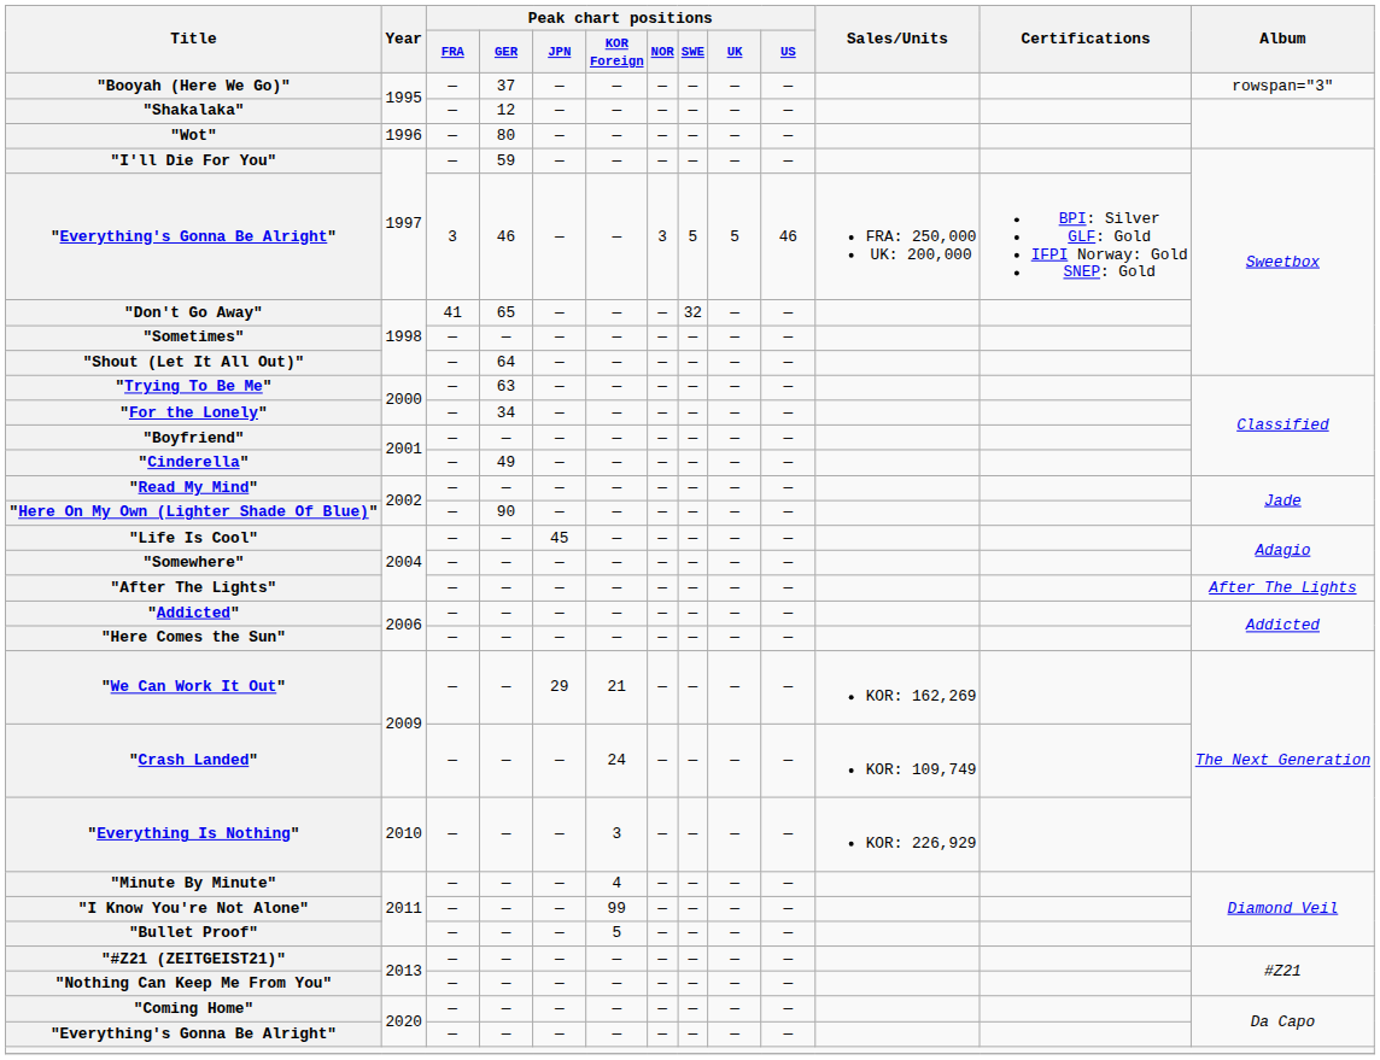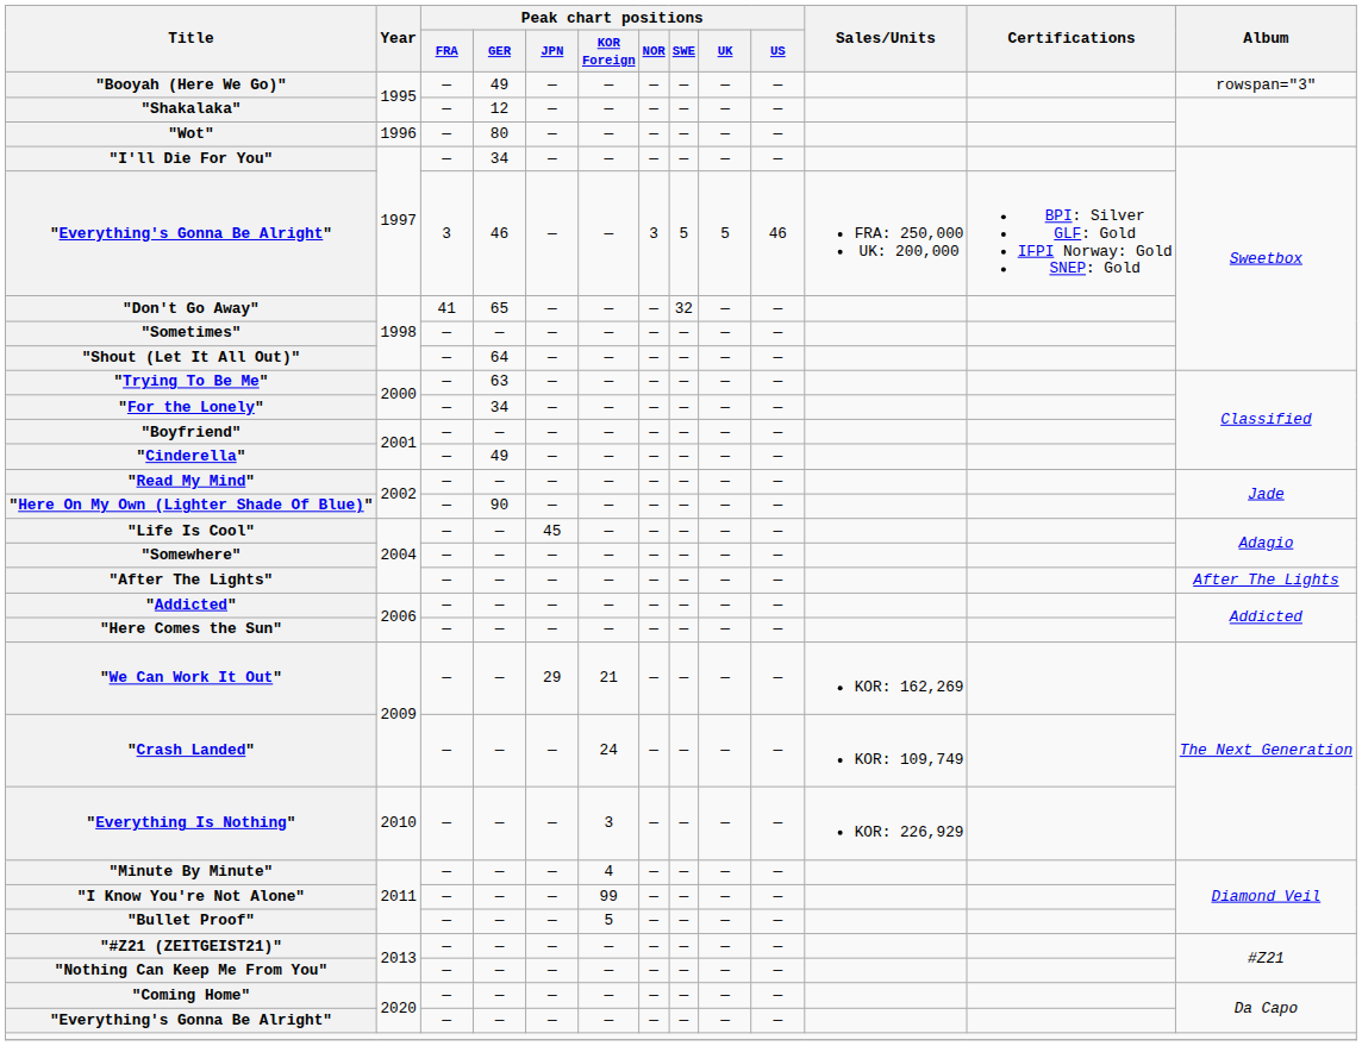 <table class="wikitable plainrowheaders" style="text-align:center;">
 <tr>
 <th rowspan="2" scope="col">Title</th>
 <th rowspan="2" scope="col">Year</th>
 <th colspan="8">Peak chart positions</th>
 <th rowspan="2">Sales/Units</th>
 <th rowspan="2" scope="col">Certifications</th>
 <th rowspan="2">Album</th>
 </tr>
 <tr>
 <th style="width:3em;"><small><a href='#'>FRA</a></small><br></th>
 <th style="width:3em;"><small><a href='#'>GER</a></small><br></th>
 <th style="width:3em;"><small><a href='#'>JPN</a></small><br></th>
 <th style="width:3em;"><small><a href='#'>KOR<br>Foreign</a></small><br></th>
 <th><small><a href='#'>NOR</a></small><br></th>
 <th><small><a href='#'>SWE</a></small><br></th>
 <th style="width:3em;"><small><a href='#'>UK</a></small><br></th>
 <th style="width:3em;"><small><a href='#'>US</a></small><br></th>
 </tr>
 <tr>
 <th scope="row">"Booyah (Here We Go)"<br></th>
 <td rowspan="2">1995</td>
 <td>—</td>
-<td>37</td>
+<td>49</td>
 <td>—</td>
 <td>—</td>
 <td>—</td>
 <td>—</td>
 <td>—</td>
 <td>—</td>
 <td></td>
 <td></td>
 <td>rowspan="3" </td>
 </tr>
 <tr>
 <th scope="row">"Shakalaka"</th>
 <td>—</td>
 <td>12</td>
 <td>—</td>
 <td>—</td>
 <td>—</td>
 <td>—</td>
 <td>—</td>
 <td>—</td>
 <td></td>
 <td></td>
 </tr>
 <tr>
 <th scope="row">"Wot"<br></th>
 <td>1996</td>
 <td>—</td>
 <td>80</td>
 <td>—</td>
 <td>—</td>
 <td>—</td>
 <td>—</td>
 <td>—</td>
 <td>—</td>
 <td></td>
 <td></td>
 </tr>
 <tr>
 <th scope="row">"I'll Die For You"<br></th>
 <td rowspan="2">1997</td>
 <td>—</td>
-<td>59</td>
+<td>34</td>
 <td>—</td>
 <td>—</td>
 <td>—</td>
 <td>—</td>
 <td>—</td>
 <td>—</td>
 <td></td>
 <td></td>
 <td rowspan="5"><em><a href='#'>Sweetbox</a></em></td>
 </tr>
 <tr>
 <th scope="row">"<a href='#'>Everything's Gonna Be Alright</a>"</th>
 <td>3</td>
 <td>46</td>
 <td>—</td>
 <td>—</td>
 <td>3</td>
 <td>5</td>
 <td>5</td>
 <td>46</td>
 <td><br><ul><li>FRA: 250,000</li><li>UK: 200,000</li></ul></td>
 <td><br><ul><li><a href='#'>BPI</a>: Silver</li><li><a href='#'>GLF</a>: Gold</li><li><a href='#'>IFPI</a> Norway: Gold</li><li><a href='#'>SNEP</a>: Gold</li></ul></td>
 </tr>
 <tr>
 <th scope="row">"Don't Go Away"</th>
 <td rowspan="3">1998</td>
 <td>41</td>
 <td>65</td>
 <td>—</td>
 <td>—</td>
 <td>—</td>
 <td>32</td>
 <td>—</td>
 <td>—</td>
 <td></td>
 <td></td>
 </tr>
 <tr>
 <th scope="row">"Sometimes"</th>
 <td>—</td>
 <td>—</td>
 <td>—</td>
 <td>—</td>
 <td>—</td>
 <td>—</td>
 <td>—</td>
 <td>—</td>
 <td></td>
 <td></td>
 </tr>
 <tr>
 <th scope="row">"Shout (Let It All Out)"<br></th>
 <td>—</td>
 <td>64</td>
 <td>—</td>
 <td>—</td>
 <td>—</td>
 <td>—</td>
 <td>—</td>
 <td>—</td>
 <td></td>
 <td></td>
 </tr>
 <tr>
 <th scope="row">"<a href='#'>Trying To Be Me</a>"</th>
 <td rowspan="2">2000</td>
 <td>—</td>
 <td>63</td>
 <td>—</td>
 <td>—</td>
 <td>—</td>
 <td>—</td>
 <td>—</td>
 <td>—</td>
 <td></td>
 <td></td>
 <td rowspan="4"><em><a href='#'>Classified</a></em></td>
 </tr>
 <tr>
 <th scope="row">"<a href='#'>For the Lonely</a>"</th>
 <td>—</td>
 <td>34</td>
 <td>—</td>
 <td>—</td>
 <td>—</td>
 <td>—</td>
 <td>—</td>
 <td>—</td>
 <td></td>
 <td></td>
 </tr>
 <tr>
 <th scope="row">"Boyfriend"</th>
 <td rowspan="2">2001</td>
 <td>—</td>
 <td>—</td>
 <td>—</td>
 <td>—</td>
 <td>—</td>
 <td>—</td>
 <td>—</td>
 <td>—</td>
 <td></td>
 <td></td>
 </tr>
 <tr>
 <th scope="row">"<a href='#'>Cinderella</a>"</th>
 <td>—</td>
 <td>49</td>
 <td>—</td>
 <td>—</td>
 <td>—</td>
 <td>—</td>
 <td>—</td>
 <td>—</td>
 <td></td>
 <td></td>
 </tr>
 <tr>
 <th scope="row">"<a href='#'>Read My Mind</a>"</th>
 <td rowspan="2">2002</td>
 <td>—</td>
 <td>—</td>
 <td>—</td>
 <td>—</td>
 <td>—</td>
 <td>—</td>
 <td>—</td>
 <td>—</td>
 <td></td>
 <td></td>
 <td rowspan="2"><em><a href='#'>Jade</a></em></td>
 </tr>
 <tr>
 <th scope="row">"<a href='#'>Here On My Own (Lighter Shade Of Blue)</a>"</th>
 <td>—</td>
 <td>90</td>
 <td>—</td>
 <td>—</td>
 <td>—</td>
 <td>—</td>
 <td>—</td>
 <td>—</td>
 <td></td>
 <td></td>
 </tr>
 <tr>
 <th scope="row">"Life Is Cool"</th>
 <td rowspan="3">2004</td>
 <td>—</td>
 <td>—</td>
 <td>45</td>
 <td>—</td>
 <td>—</td>
 <td>—</td>
 <td>—</td>
 <td>—</td>
 <td></td>
 <td></td>
 <td rowspan="2"><em><a href='#'>Adagio</a></em></td>
 </tr>
 <tr>
 <th scope="row">"Somewhere"</th>
 <td>—</td>
 <td>—</td>
 <td>—</td>
 <td>—</td>
 <td>—</td>
 <td>—</td>
 <td>—</td>
 <td>—</td>
 <td></td>
 <td></td>
 </tr>
 <tr>
 <th scope="row">"After The Lights"</th>
 <td>—</td>
 <td>—</td>
 <td>—</td>
 <td>—</td>
 <td>—</td>
 <td>—</td>
 <td>—</td>
 <td>—</td>
 <td></td>
 <td></td>
 <td><em><a href='#'>After The Lights</a></em></td>
 </tr>
 <tr>
 <th scope="row">"<a href='#'>Addicted</a>"</th>
 <td rowspan="2">2006</td>
 <td>—</td>
 <td>—</td>
 <td>—</td>
 <td>—</td>
 <td>—</td>
 <td>—</td>
 <td>—</td>
 <td>—</td>
 <td></td>
 <td></td>
 <td rowspan="2"><em><a href='#'>Addicted</a></em></td>
 </tr>
 <tr>
 <th scope="row">"Here Comes the Sun"</th>
 <td>—</td>
 <td>—</td>
 <td>—</td>
 <td>—</td>
 <td>—</td>
 <td>—</td>
 <td>—</td>
 <td>—</td>
 <td></td>
 <td></td>
 </tr>
 <tr>
 <th scope="row">"<a href='#'>We Can Work It Out</a>"</th>
 <td rowspan="2">2009</td>
 <td>—</td>
 <td>—</td>
 <td>29</td>
 <td>21</td>
 <td>—</td>
 <td>—</td>
 <td>—</td>
 <td>—</td>
 <td><br><ul><li>KOR: 162,269</li></ul></td>
 <td></td>
 <td rowspan="3"><em><a href='#'>The Next Generation</a></em></td>
 </tr>
 <tr>
 <th scope="row">"<a href='#'>Crash Landed</a>"</th>
 <td>—</td>
 <td>—</td>
 <td>—</td>
 <td>24</td>
 <td>—</td>
 <td>—</td>
 <td>—</td>
 <td>—</td>
 <td><br><ul><li>KOR: 109,749</li></ul></td>
 <td></td>
 </tr>
 <tr>
 <th scope="row">"<a href='#'>Everything Is Nothing</a>"</th>
 <td>2010</td>
 <td>—</td>
 <td>—</td>
 <td>—</td>
 <td>3</td>
 <td>—</td>
 <td>—</td>
 <td>—</td>
 <td>—</td>
 <td><br><ul><li>KOR: 226,929</li></ul></td>
 <td></td>
 </tr>
 <tr>
 <th scope="row">"Minute By Minute"</th>
 <td rowspan="3">2011</td>
 <td>—</td>
 <td>—</td>
 <td>—</td>
 <td>4</td>
 <td>—</td>
 <td>—</td>
 <td>—</td>
 <td>—</td>
 <td></td>
 <td></td>
 <td rowspan="3"><em><a href='#'>Diamond Veil</a></em></td>
 </tr>
 <tr>
 <th scope="row">"I Know You're Not Alone"</th>
 <td>—</td>
 <td>—</td>
 <td>—</td>
 <td>99</td>
 <td>—</td>
 <td>—</td>
 <td>—</td>
 <td>—</td>
 <td></td>
 <td></td>
 </tr>
 <tr>
 <th scope="row">"Bullet Proof"</th>
 <td>—</td>
 <td>—</td>
 <td>—</td>
 <td>5</td>
 <td>—</td>
 <td>—</td>
 <td>—</td>
 <td>—</td>
 <td></td>
 <td></td>
 </tr>
 <tr>
 <th scope="row">"#Z21 (ZEITGEIST21)"</th>
 <td rowspan="2">2013</td>
 <td>—</td>
 <td>—</td>
 <td>—</td>
 <td>—</td>
 <td>—</td>
 <td>—</td>
 <td>—</td>
 <td>—</td>
 <td></td>
 <td></td>
 <td rowspan="2"><em>#Z21</em></td>
 </tr>
 <tr>
 <th scope="row">"Nothing Can Keep Me From You"</th>
 <td>—</td>
 <td>—</td>
 <td>—</td>
 <td>—</td>
 <td>—</td>
 <td>—</td>
 <td>—</td>
 <td>—</td>
 <td></td>
 <td></td>
 </tr>
 <tr>
 <th scope="row">"Coming Home"<br></th>
 <td rowspan="2">2020</td>
 <td>—</td>
 <td>—</td>
 <td>—</td>
 <td>—</td>
 <td>—</td>
 <td>—</td>
 <td>—</td>
 <td>—</td>
 <td></td>
 <td></td>
 <td rowspan="2"><em>Da Capo</em></td>
 </tr>
 <tr>
 <th scope="row">"Everything's Gonna Be Alright"<br></th>
 <td>—</td>
 <td>—</td>
 <td>—</td>
 <td>—</td>
 <td>—</td>
 <td>—</td>
 <td>—</td>
 <td>—</td>
 <td></td>
 <td></td>
 </tr>
 <tr>
 <td colspan="13"></td>
 </tr>
 <tr>
 </tr>
 </table>
